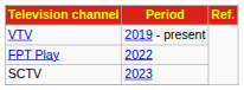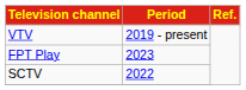 <table class="wikitable" style="text-align: left">
 <tr>
 <th style="background-color:#DB2017; color:#FFFF00">Television channel</th>
 <th style="background-color:#DB2017; color:#FFFF00">Period</th>
 <th style="background-color:#DB2017; color:#FFFF00">Ref.</th>
 </tr>
 <tr>
 <td><a href='#'>VTV</a></td>
 <td><a href='#'>2019</a> - present</td>
 </tr>
 <tr>
 <td><a href='#'>FPT Play</a></td>
-<td><a href='#'>2022</a></td>
+<td><a href='#'>2023</a></td>
 </tr>
 <tr>
 <td>SCTV</td>
-<td><a href='#'>2023</a></td>
+<td><a href='#'>2022</a></td>
 </tr>
 <tr>
 </tr>
 </table>
